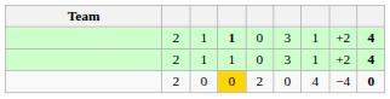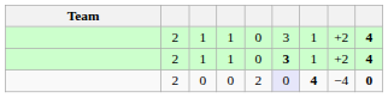 <table class="wikitable" style="text-align:center">
 <tr>
 <th width=175>Team</th>
 <th width=25></th>
 <th width=25></th>
 <th width=25></th>
 <th width=25></th>
 <th width=25></th>
 <th width=25></th>
 <th width=25></th>
 <th width=25></th>
 </tr>
 <tr bgcolor=ccffcc>
 <td style="text-align:left;"></td>
 <td>2</td>
 <td>1</td>
-<td><strong>1</strong></td>
+<td>1</td>
 <td>0</td>
 <td>3</td>
 <td>1</td>
 <td>+2</td>
 <td><strong>4</strong></td>
 </tr>
 <tr bgcolor=ccffcc>
 <td style="text-align:left;"></td>
 <td>2</td>
 <td>1</td>
 <td>1</td>
 <td>0</td>
-<td>3</td>
+<td><strong>3</strong></td>
 <td>1</td>
 <td>+2</td>
 <td><strong>4</strong></td>
 </tr>
 <tr>
 <td style="text-align:left;"></td>
 <td>2</td>
 <td>0</td>
-<td style="background: gold;">0</td>
+<td>0</td>
 <td>2</td>
-<td>0</td>
-<td>4</td>
+<td style="background: lavender;">0</td>
+<td><strong>4</strong></td>
 <td>−4</td>
 <td><strong>0</strong></td>
 </tr>
 </table>
